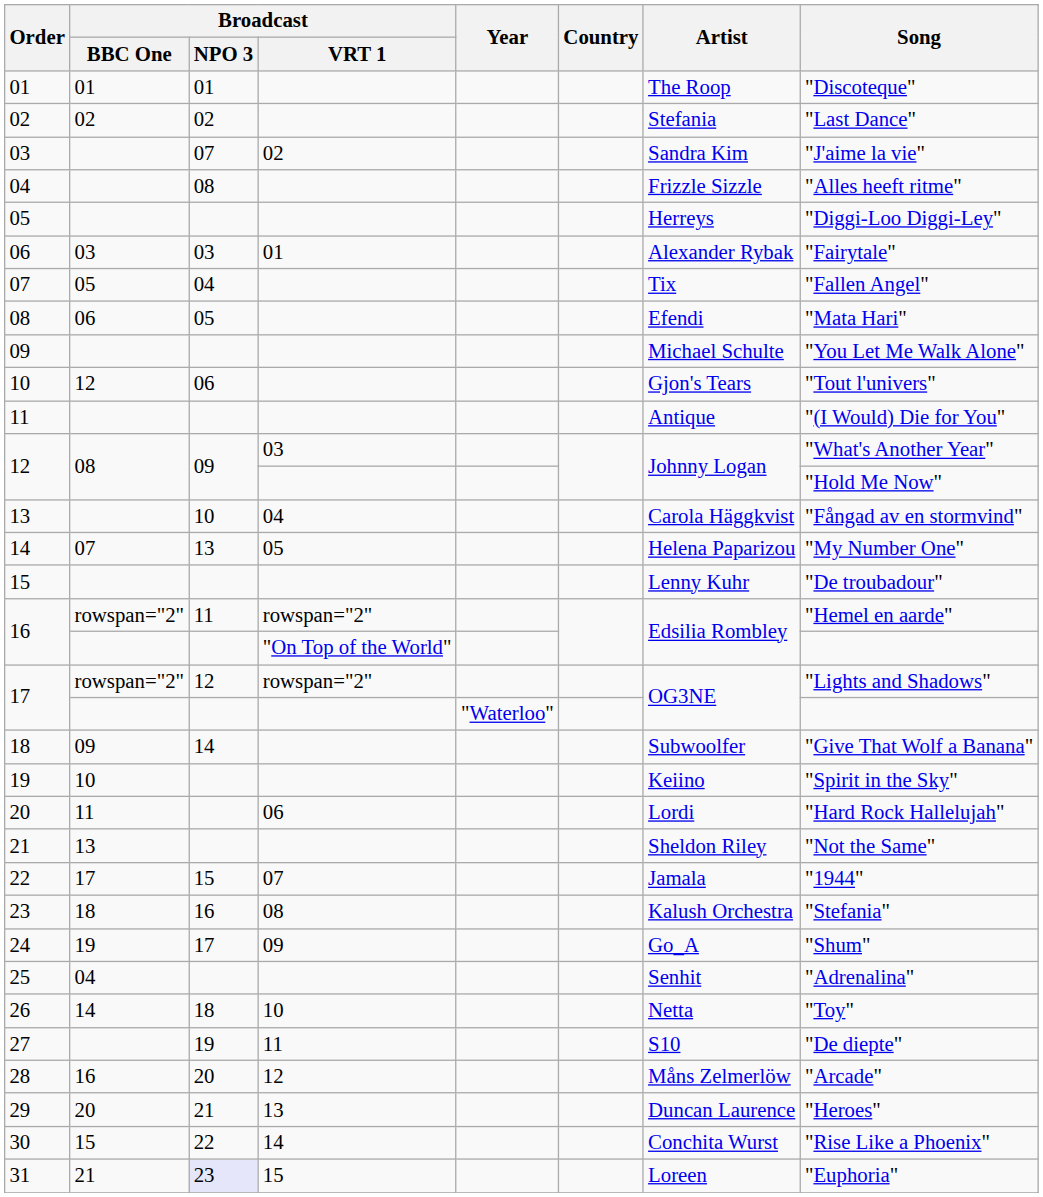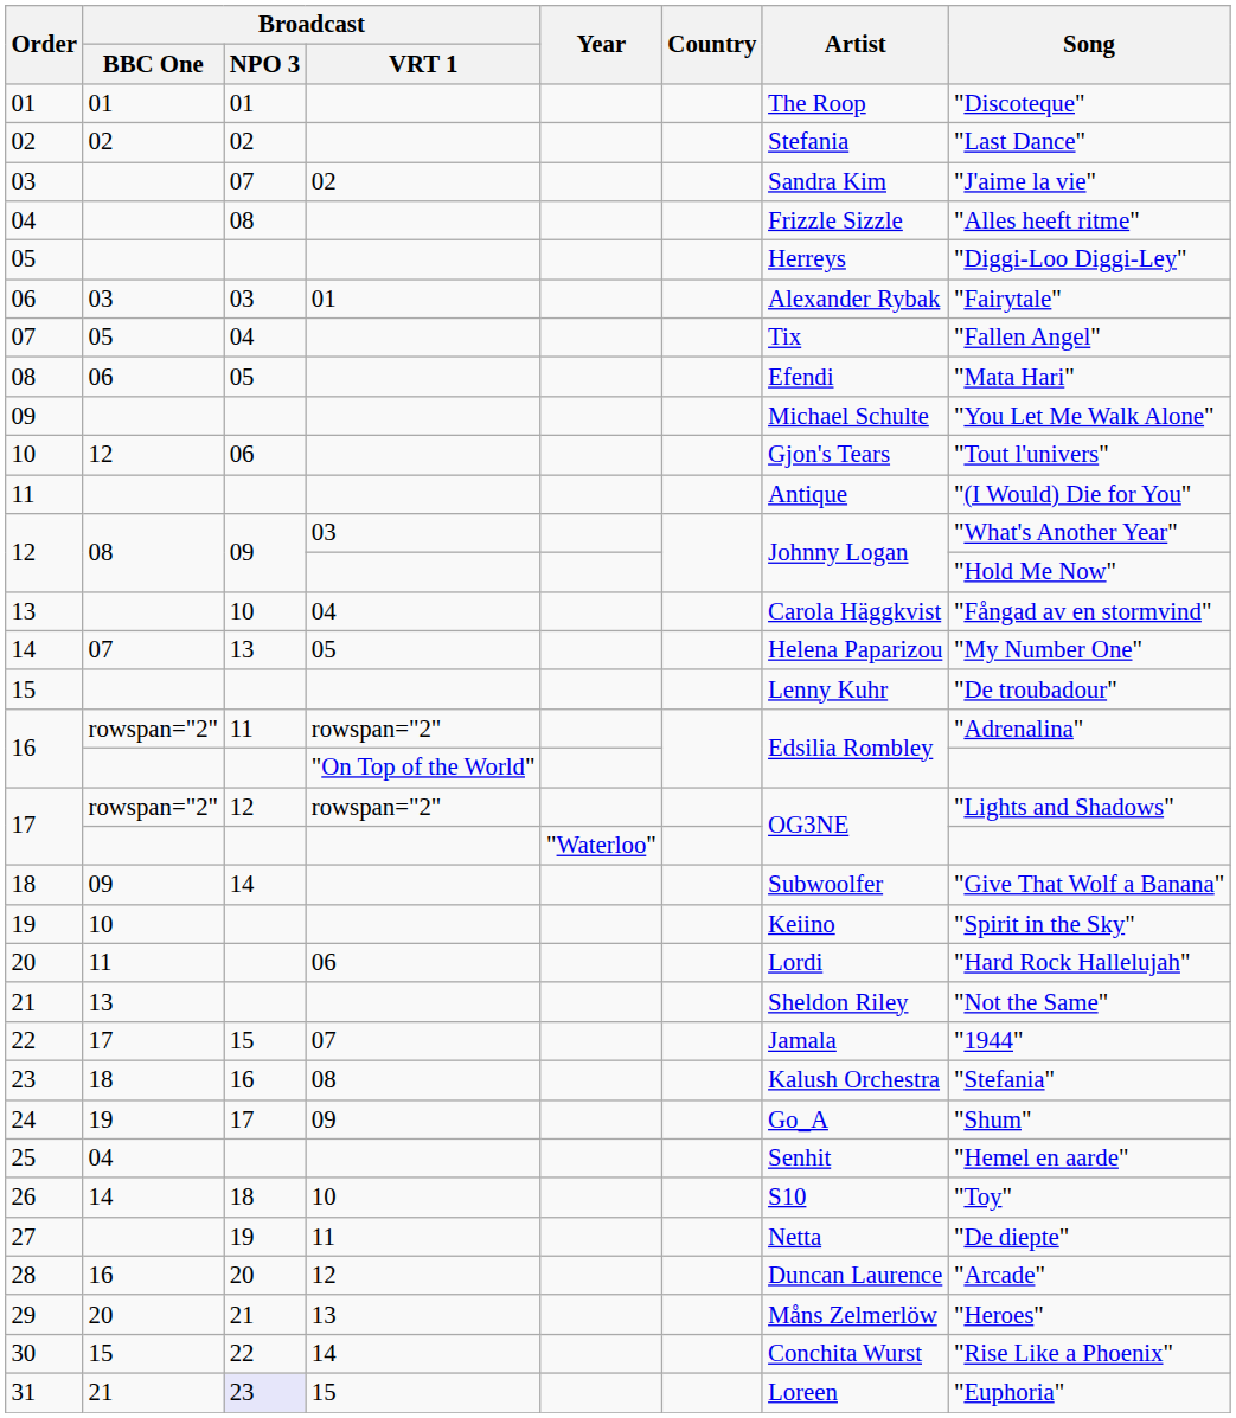 <table class="wikitable sortable">
 <tr>
 <th rowspan="2">Order</th>
 <th colspan="3">Broadcast</th>
 <th rowspan="2">Year</th>
 <th rowspan="2">Country</th>
 <th rowspan="2">Artist</th>
 <th rowspan="2">Song</th>
 </tr>
 <tr>
 <th>BBC One</th>
 <th>NPO 3</th>
 <th>VRT 1</th>
 </tr>
 <tr>
 <td>01</td>
 <td>01</td>
 <td>01</td>
 <td></td>
 <td></td>
 <td></td>
 <td><a href='#'>The Roop</a></td>
 <td>"<a href='#'>Discoteque</a>"</td>
 </tr>
 <tr>
 <td>02</td>
 <td>02</td>
 <td>02</td>
 <td></td>
 <td></td>
 <td></td>
 <td><a href='#'>Stefania</a></td>
 <td>"<a href='#'>Last Dance</a>"</td>
 </tr>
 <tr>
 <td>03</td>
 <td></td>
 <td>07</td>
 <td>02</td>
 <td></td>
 <td></td>
 <td><a href='#'>Sandra Kim</a></td>
 <td>"<a href='#'>J'aime la vie</a>"</td>
 </tr>
 <tr>
 <td>04</td>
 <td></td>
 <td>08</td>
 <td></td>
 <td></td>
 <td></td>
 <td><a href='#'>Frizzle Sizzle</a></td>
 <td>"<a href='#'>Alles heeft ritme</a>"</td>
 </tr>
 <tr>
 <td>05</td>
 <td></td>
 <td></td>
 <td></td>
 <td></td>
 <td></td>
 <td><a href='#'>Herreys</a></td>
 <td>"<a href='#'>Diggi-Loo Diggi-Ley</a>"</td>
 </tr>
 <tr>
 <td>06</td>
 <td>03</td>
 <td>03</td>
 <td>01</td>
 <td></td>
 <td></td>
 <td><a href='#'>Alexander Rybak</a></td>
 <td>"<a href='#'>Fairytale</a>"</td>
 </tr>
 <tr>
 <td>07</td>
 <td>05</td>
 <td>04</td>
 <td></td>
 <td></td>
 <td></td>
 <td><a href='#'>Tix</a></td>
 <td>"<a href='#'>Fallen Angel</a>"</td>
 </tr>
 <tr>
 <td>08</td>
 <td>06</td>
 <td>05</td>
 <td></td>
 <td></td>
 <td></td>
 <td><a href='#'>Efendi</a></td>
 <td>"<a href='#'>Mata Hari</a>"</td>
 </tr>
 <tr>
 <td>09</td>
 <td></td>
 <td></td>
 <td></td>
 <td></td>
 <td></td>
 <td><a href='#'>Michael Schulte</a></td>
 <td>"<a href='#'>You Let Me Walk Alone</a>"</td>
 </tr>
 <tr>
 <td>10</td>
 <td>12</td>
 <td>06</td>
 <td></td>
 <td></td>
 <td></td>
 <td><a href='#'>Gjon's Tears</a></td>
 <td>"<a href='#'>Tout l'univers</a>"</td>
 </tr>
 <tr>
 <td>11</td>
 <td></td>
 <td></td>
 <td></td>
 <td></td>
 <td></td>
 <td><a href='#'>Antique</a></td>
 <td>"<a href='#'>(I Would) Die for You</a>"</td>
 </tr>
 <tr>
 <td rowspan="2">12</td>
 <td rowspan="2">08</td>
 <td rowspan="2">09</td>
 <td>03</td>
 <td></td>
 <td rowspan="2"></td>
 <td rowspan="2"><a href='#'>Johnny Logan</a></td>
 <td>"<a href='#'>What's Another Year</a>"</td>
 </tr>
 <tr>
 <td></td>
 <td></td>
 <td>"<a href='#'>Hold Me Now</a>"</td>
 </tr>
 <tr>
 <td>13</td>
 <td></td>
 <td>10</td>
 <td>04</td>
 <td></td>
 <td></td>
 <td><a href='#'>Carola Häggkvist</a></td>
 <td>"<a href='#'>Fångad av en stormvind</a>"</td>
 </tr>
 <tr>
 <td>14</td>
 <td>07</td>
 <td>13</td>
 <td>05</td>
 <td></td>
 <td></td>
 <td><a href='#'>Helena Paparizou</a></td>
 <td>"<a href='#'>My Number One</a>"</td>
 </tr>
 <tr>
 <td>15</td>
 <td></td>
 <td></td>
 <td></td>
 <td></td>
 <td></td>
 <td><a href='#'>Lenny Kuhr</a></td>
 <td>"<a href='#'>De troubadour</a>"</td>
 </tr>
 <tr>
 <td rowspan="2">16</td>
 <td>rowspan="2" </td>
 <td>11</td>
 <td>rowspan="2" </td>
 <td></td>
 <td rowspan="2"></td>
 <td rowspan="2"><a href='#'>Edsilia Rombley</a></td>
-<td>"<a href='#'>Hemel en aarde</a>"</td>
+<td>"<a href='#'>Adrenalina</a>"</td>
 </tr>
 <tr>
 <td></td>
 <td></td>
 <td>"<a href='#'>On Top of the World</a>"</td>
 </tr>
 <tr>
 <td rowspan="2">17</td>
 <td>rowspan="2" </td>
 <td>12</td>
 <td>rowspan="2" </td>
 <td></td>
 <td></td>
 <td rowspan="2"><a href='#'>OG3NE</a></td>
 <td>"<a href='#'>Lights and Shadows</a>"</td>
 </tr>
 <tr>
 <td></td>
 <td></td>
 <td></td>
 <td>"<a href='#'>Waterloo</a>"</td>
 </tr>
 <tr>
 <td>18</td>
 <td>09</td>
 <td>14</td>
 <td></td>
 <td></td>
 <td></td>
 <td><a href='#'>Subwoolfer</a></td>
 <td>"<a href='#'>Give That Wolf a Banana</a>"</td>
 </tr>
 <tr>
 <td>19</td>
 <td>10</td>
 <td></td>
 <td></td>
 <td></td>
 <td></td>
 <td><a href='#'>Keiino</a></td>
 <td>"<a href='#'>Spirit in the Sky</a>"</td>
 </tr>
 <tr>
 <td>20</td>
 <td>11</td>
 <td></td>
 <td>06</td>
 <td></td>
 <td></td>
 <td><a href='#'>Lordi</a></td>
 <td>"<a href='#'>Hard Rock Hallelujah</a>"</td>
 </tr>
 <tr>
 <td>21</td>
 <td>13</td>
 <td></td>
 <td></td>
 <td></td>
 <td></td>
 <td><a href='#'>Sheldon Riley</a></td>
 <td>"<a href='#'>Not the Same</a>"</td>
 </tr>
 <tr>
 <td>22</td>
 <td>17</td>
 <td>15</td>
 <td>07</td>
 <td></td>
 <td></td>
 <td><a href='#'>Jamala</a></td>
 <td>"<a href='#'>1944</a>"</td>
 </tr>
 <tr>
 <td>23</td>
 <td>18</td>
 <td>16</td>
 <td>08</td>
 <td></td>
 <td></td>
 <td><a href='#'>Kalush Orchestra</a></td>
 <td>"<a href='#'>Stefania</a>"</td>
 </tr>
 <tr>
 <td>24</td>
 <td>19</td>
 <td>17</td>
 <td>09</td>
 <td></td>
 <td></td>
 <td><a href='#'>Go_A</a></td>
 <td>"<a href='#'>Shum</a>"</td>
 </tr>
 <tr>
 <td>25</td>
 <td>04</td>
 <td></td>
 <td></td>
 <td></td>
 <td></td>
 <td><a href='#'>Senhit</a></td>
-<td>"<a href='#'>Adrenalina</a>"</td>
+<td>"<a href='#'>Hemel en aarde</a>"</td>
 </tr>
 <tr>
 <td>26</td>
 <td>14</td>
 <td>18</td>
 <td>10</td>
 <td></td>
 <td></td>
-<td><a href='#'>Netta</a></td>
+<td><a href='#'>S10</a></td>
 <td>"<a href='#'>Toy</a>"</td>
 </tr>
 <tr>
 <td>27</td>
 <td></td>
 <td>19</td>
 <td>11</td>
 <td></td>
 <td></td>
-<td><a href='#'>S10</a></td>
+<td><a href='#'>Netta</a></td>
 <td>"<a href='#'>De diepte</a>"</td>
 </tr>
 <tr>
 <td>28</td>
 <td>16</td>
 <td>20</td>
 <td>12</td>
 <td></td>
 <td></td>
-<td><a href='#'>Måns Zelmerlöw</a></td>
+<td><a href='#'>Duncan Laurence</a></td>
 <td>"<a href='#'>Arcade</a>"</td>
 </tr>
 <tr>
 <td>29</td>
 <td>20</td>
 <td>21</td>
 <td>13</td>
 <td></td>
 <td></td>
-<td><a href='#'>Duncan Laurence</a></td>
+<td><a href='#'>Måns Zelmerlöw</a></td>
 <td>"<a href='#'>Heroes</a>"</td>
 </tr>
 <tr>
 <td>30</td>
 <td>15</td>
 <td>22</td>
 <td>14</td>
 <td></td>
 <td></td>
 <td><a href='#'>Conchita Wurst</a></td>
 <td>"<a href='#'>Rise Like a Phoenix</a>"</td>
 </tr>
 <tr>
 <td>31</td>
 <td>21</td>
 <td style="background: lavender;">23</td>
 <td>15</td>
 <td></td>
 <td></td>
 <td><a href='#'>Loreen</a></td>
 <td>"<a href='#'>Euphoria</a>"</td>
 </tr>
 </table>
